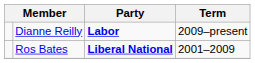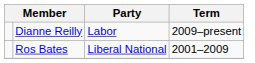 <table class="wikitable">
 <tr>
 <th colspan="2">Member</th>
 <th>Party</th>
 <th>Term</th>
 </tr>
 <tr>
 <td> </td>
 <td><a href='#'>Dianne Reilly</a></td>
-<td><strong><a href='#'>Labor</a></strong></td>
+<td><a href='#'>Labor</a></td>
 <td>2009–present</td>
 </tr>
 <tr>
 <td> </td>
 <td><a href='#'>Ros Bates</a></td>
-<td><strong><a href='#'>Liberal National</a></strong></td>
+<td><a href='#'>Liberal National</a></td>
 <td>2001–2009</td>
 </tr>
 <tr>
 </tr>
 </table>
